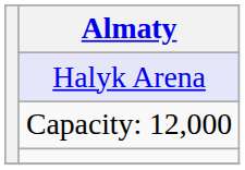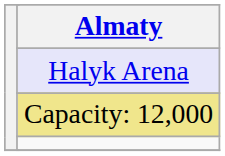 <table class="wikitable" style="text-align:center">
 <tr>
 <th rowspan="4" colspan="2"></th>
 <th><a href='#'>Almaty</a></th>
 </tr>
 <tr>
 <td style="background: lavender;"><a href='#'>Halyk Arena</a></td>
 </tr>
 <tr>
-<td>Capacity: 12,000</td>
+<td style="background: khaki;">Capacity: 12,000</td>
 </tr>
 <tr>
 <td></td>
 </tr>
 <tr>
 </tr>
 </table>
